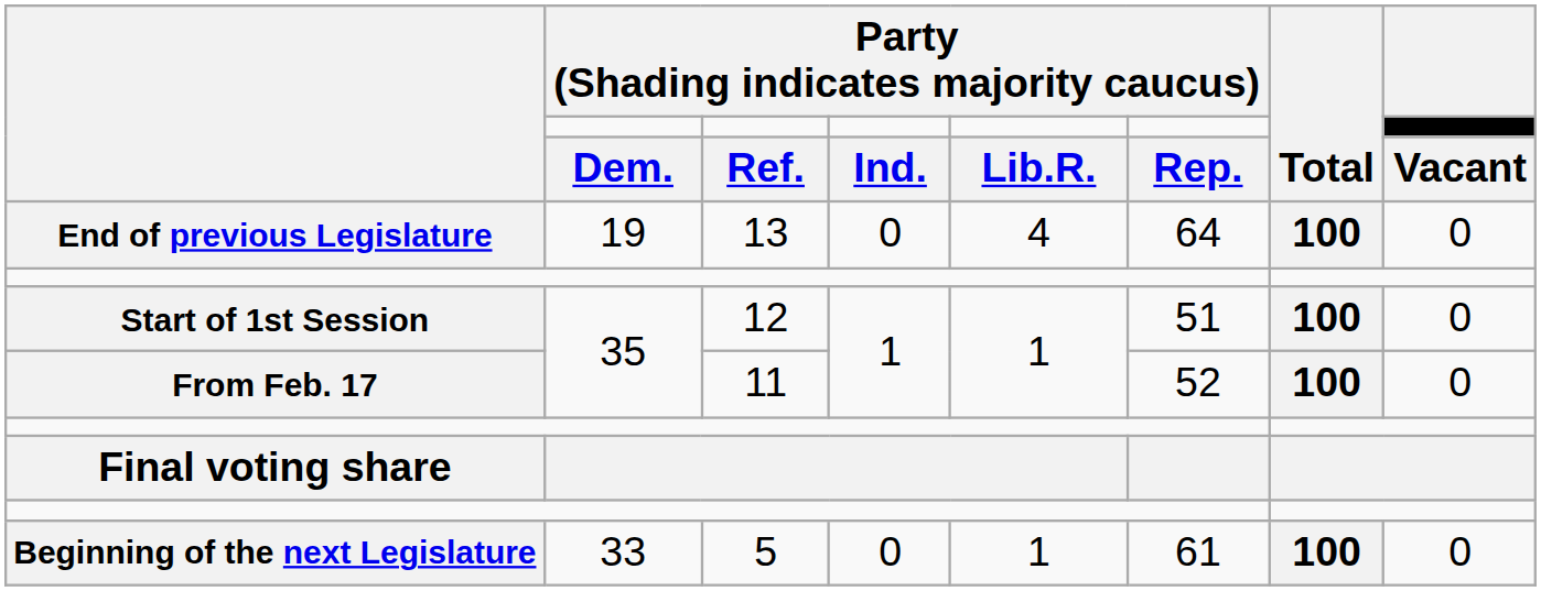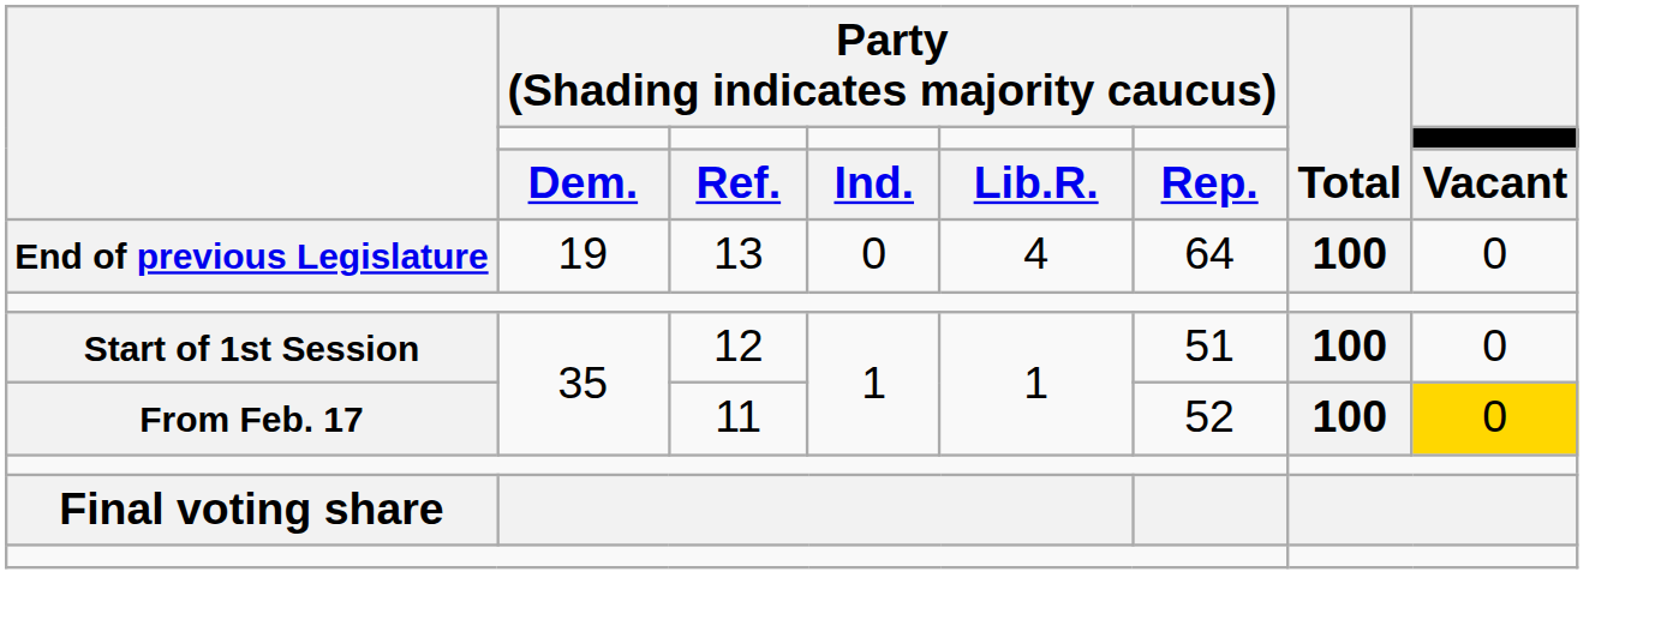 <table class=wikitable style="text-align:center">
 <tr style="vertical-align:bottom;">
 <th rowspan=3></th>
 <th colspan=5>Party <div>(Shading indicates majority caucus)</div></th>
 <th rowspan=3>Total</th>
 <th></th>
 </tr>
 <tr style="height:5px">
 <td style="background-color:"></td>
 <td style="background-color:"></td>
 <td style="background-color:"></td>
 <td style="background-color:"></td>
 <td style="background-color:"></td>
 <td style="background:black;"></td>
 </tr>
 <tr>
 <th><a href='#'>Dem.</a></th>
 <th><a href='#'>Ref.</a></th>
 <th><a href='#'>Ind.</a></th>
 <th><a href='#'>Lib.R.</a></th>
 <th><a href='#'>Rep.</a></th>
 <th>Vacant</th>
 </tr>
 <tr>
 <th style="font-size:80%;">End of <a href='#'>previous Legislature</a></th>
 <td>19</td>
 <td>13</td>
 <td>0</td>
 <td>4</td>
 <td>64</td>
 <th>100</th>
 <td>0</td>
 </tr>
 <tr>
 <td colspan=6></td>
 </tr>
 <tr>
 <th style="font-size:80%;">Start of 1st Session</th>
 <td rowspan="2">35</td>
 <td>12</td>
 <td rowspan="2">1</td>
 <td rowspan="2">1</td>
 <td>51</td>
 <th>100</th>
 <td>0</td>
 </tr>
 <tr>
 <th style="font-size:80%;">From Feb. 17</th>
 <td>11</td>
 <td>52</td>
 <th>100</th>
-<td>0</td>
+<td style="background: gold;">0</td>
 </tr>
 <tr>
 <td colspan=6></td>
 </tr>
 <tr>
 <th>Final voting share</th>
 <th colspan=4></th>
 <th></th>
 <th colspan=2></th>
 </tr>
 <tr>
 <td colspan=6></td>
 </tr>
-<tr>
-<th style="font-size:80%;">Beginning of the <a href='#'>next Legislature</a></th>
-<td>33</td>
-<td>5</td>
-<td>0</td>
-<td>1</td>
-<td>61</td>
-<th>100</th>
-<td>0</td>
-</tr>
 </table>
